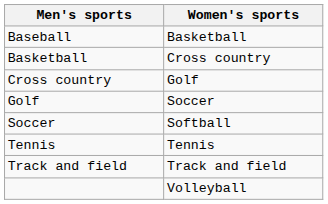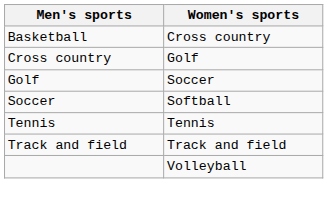 <table class="wikitable"; style= "text-align: ">
 <tr>
 <th width=150px>Men's sports</th>
 <th width=150px>Women's sports</th>
-</tr>
-<tr>
-<td>Baseball</td>
-<td>Basketball</td>
 </tr>
 <tr>
 <td>Basketball</td>
 <td>Cross country</td>
 </tr>
 <tr>
 <td>Cross country</td>
 <td>Golf</td>
 </tr>
 <tr>
 <td>Golf</td>
 <td>Soccer</td>
 </tr>
 <tr>
 <td>Soccer</td>
 <td>Softball</td>
 </tr>
 <tr>
 <td>Tennis</td>
 <td>Tennis</td>
 </tr>
 <tr>
 <td>Track and field</td>
 <td>Track and field</td>
 </tr>
 <tr>
 <td></td>
 <td>Volleyball</td>
 </tr>
 </table>
